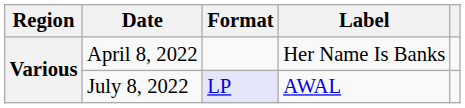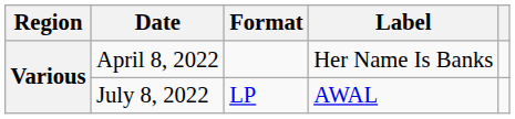 <table class="wikitable plainrowheaders">
 <tr>
 <th scope="col">Region</th>
 <th scope="col">Date</th>
 <th scope="col">Format</th>
 <th scope="col">Label</th>
 <th scope="col"></th>
 </tr>
 <tr>
 <th scope="row" rowspan="2">Various</th>
 <td>April 8, 2022</td>
 <td></td>
 <td>Her Name Is Banks</td>
 <td align="center"></td>
 </tr>
 <tr>
 <td>July 8, 2022</td>
-<td style="background: lavender;"><a href='#'>LP</a></td>
+<td><a href='#'>LP</a></td>
 <td><a href='#'>AWAL</a></td>
 <td align="center"></td>
 </tr>
 </table>
